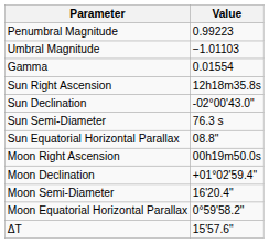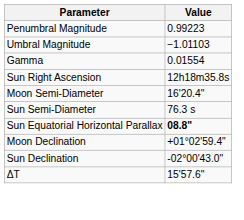 <table class="wikitable">
 <tr>
 <th>Parameter</th>
 <th>Value</th>
 </tr>
 <tr>
 <td>Penumbral Magnitude</td>
 <td>0.99223</td>
 </tr>
 <tr>
 <td>Umbral Magnitude</td>
 <td>−1.01103</td>
 </tr>
 <tr>
 <td>Gamma</td>
 <td>0.01554</td>
 </tr>
 <tr>
 <td>Sun Right Ascension</td>
 <td>12h18m35.8s</td>
 </tr>
 <tr>
-<td>Sun Declination</td>
-<td>-02°00'43.0"</td>
+<td>Moon Semi-Diameter</td>
+<td>16'20.4"</td>
 </tr>
 <tr>
 <td>Sun Semi-Diameter</td>
 <td>76.3 s</td>
 </tr>
 <tr>
 <td>Sun Equatorial Horizontal Parallax</td>
-<td>08.8"</td>
-</tr>
-<tr>
-<td>Moon Right Ascension</td>
-<td>00h19m50.0s</td>
+<td><strong>08.8"</strong></td>
 </tr>
 <tr>
 <td>Moon Declination</td>
 <td>+01°02'59.4"</td>
 </tr>
 <tr>
-<td>Moon Semi-Diameter</td>
-<td>16'20.4"</td>
-</tr>
-<tr>
-<td>Moon Equatorial Horizontal Parallax</td>
-<td>0°59'58.2"</td>
+<td>Sun Declination</td>
+<td>-02°00'43.0"</td>
 </tr>
 <tr>
 <td>ΔT</td>
 <td>15'57.6"</td>
 </tr>
 </table>
